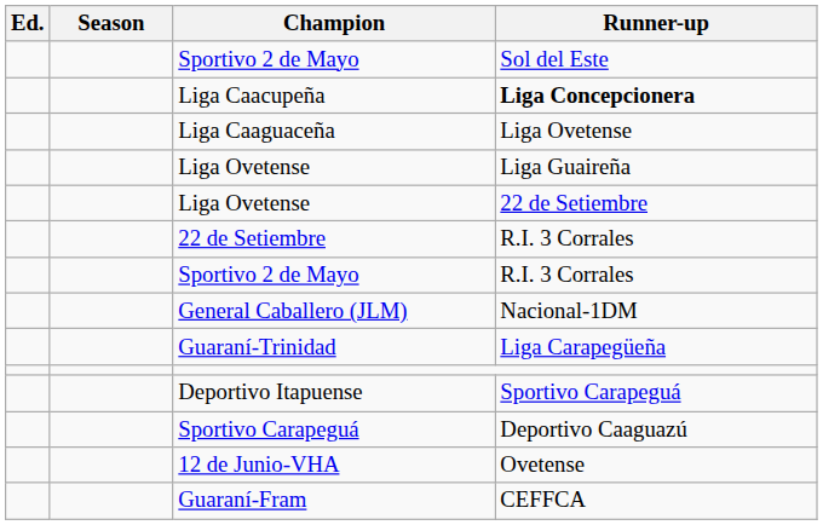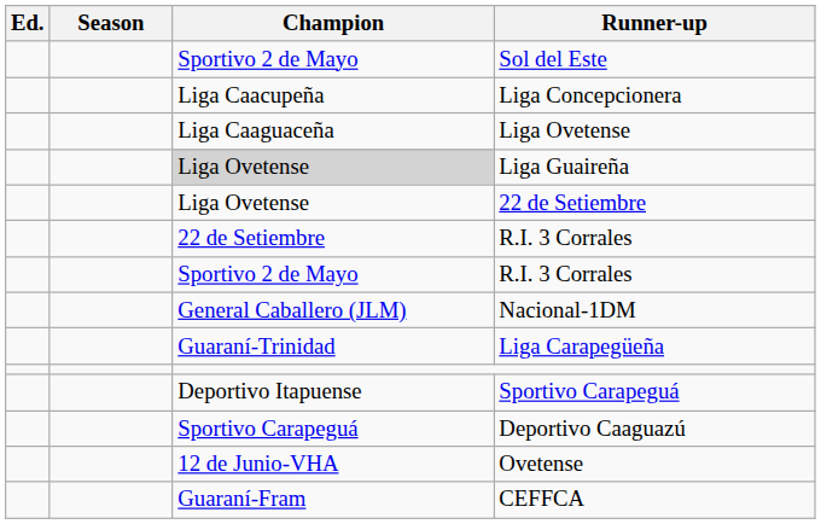 <table class="wikitable sortable">
 <tr>
 <th width=px>Ed.</th>
 <th width=80px>Season</th>
 <th width=220px>Champion</th>
 <th width=220px>Runner-up</th>
 </tr>
 <tr>
 <td></td>
 <td></td>
 <td><a href='#'>Sportivo 2 de Mayo</a></td>
 <td><a href='#'>Sol del Este</a></td>
 </tr>
 <tr>
 <td></td>
 <td></td>
 <td>Liga Caacupeña</td>
-<td><strong>Liga Concepcionera</strong></td>
+<td>Liga Concepcionera</td>
 </tr>
 <tr>
 <td></td>
 <td></td>
 <td>Liga Caaguaceña</td>
 <td>Liga Ovetense</td>
 </tr>
 <tr>
 <td></td>
 <td></td>
-<td>Liga Ovetense</td>
+<td style="background: lightgrey;">Liga Ovetense</td>
 <td>Liga Guaireña</td>
 </tr>
 <tr>
 <td></td>
 <td></td>
 <td>Liga Ovetense</td>
 <td><a href='#'>22 de Setiembre</a></td>
 </tr>
 <tr>
 <td></td>
 <td></td>
 <td><a href='#'>22 de Setiembre</a></td>
 <td>R.I. 3 Corrales</td>
 </tr>
 <tr>
 <td></td>
 <td></td>
 <td><a href='#'>Sportivo 2 de Mayo</a></td>
 <td>R.I. 3 Corrales</td>
 </tr>
 <tr>
 <td></td>
 <td></td>
 <td><a href='#'>General Caballero (JLM)</a></td>
 <td>Nacional-1DM</td>
 </tr>
 <tr>
 <td></td>
 <td></td>
 <td><a href='#'>Guaraní-Trinidad</a></td>
 <td><a href='#'>Liga Carapegüeña</a></td>
 </tr>
 <tr>
 <td></td>
 <td></td>
 <td colspan="4"></td>
 </tr>
 <tr>
 <td></td>
 <td></td>
 <td>Deportivo Itapuense</td>
 <td><a href='#'>Sportivo Carapeguá</a></td>
 </tr>
 <tr>
 <td></td>
 <td></td>
 <td><a href='#'>Sportivo Carapeguá</a></td>
 <td>Deportivo Caaguazú</td>
 </tr>
 <tr>
 <td></td>
 <td></td>
 <td><a href='#'>12 de Junio-VHA</a></td>
 <td>Ovetense</td>
 </tr>
 <tr>
 <td></td>
 <td></td>
 <td><a href='#'>Guaraní-Fram</a></td>
 <td>CEFFCA</td>
 </tr>
 </table>
